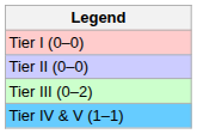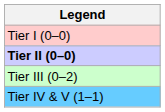 <table class="wikitable" style="font-size:90%;" width=11%>
 <tr>
 <th>Legend</th>
 </tr>
 <tr>
 <td style="background:#fcc;">Tier I (0–0)</td>
 </tr>
 <tr>
-<td style="background:#ccf;">Tier II (0–0)</td>
+<td style="background:#ccf;"><strong>Tier II (0–0)</strong></td>
 </tr>
 <tr>
 <td style="background:#cfc;">Tier III (0–2)</td>
 </tr>
 <tr>
 <td style="background:#6cf;">Tier IV & V (1–1)</td>
 </tr>
 </table>
